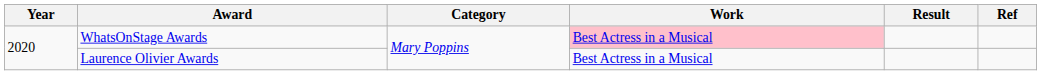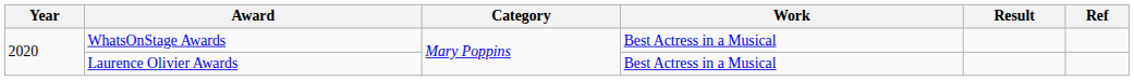 <table class="wikitable" style="width: 95%;">
 <tr>
 <th>Year</th>
 <th>Award</th>
 <th>Category</th>
 <th>Work</th>
 <th>Result</th>
 <th>Ref</th>
 </tr>
 <tr>
 <td rowspan=2>2020</td>
 <td><a href='#'>WhatsOnStage Awards</a></td>
 <td rowspan=2><em><a href='#'>Mary Poppins</a></em></td>
-<td style="background: pink;"><a href='#'>Best Actress in a Musical</a></td>
+<td><a href='#'>Best Actress in a Musical</a></td>
 <td></td>
 <td></td>
 </tr>
 <tr>
 <td><a href='#'>Laurence Olivier Awards</a></td>
 <td><a href='#'>Best Actress in a Musical</a></td>
 <td></td>
 <td></td>
 </tr>
 </table>
